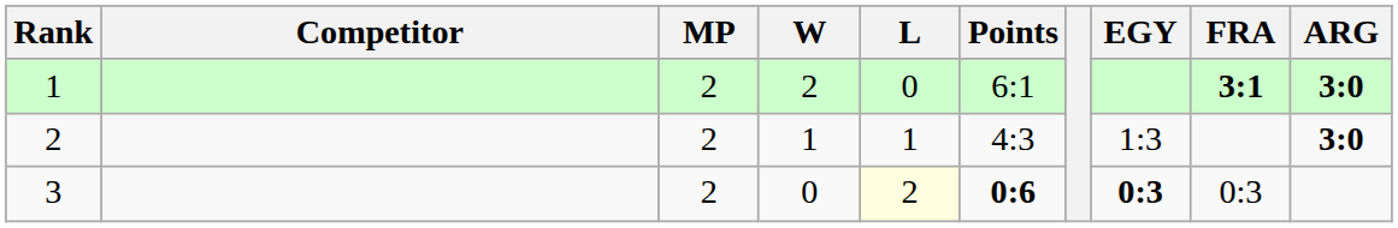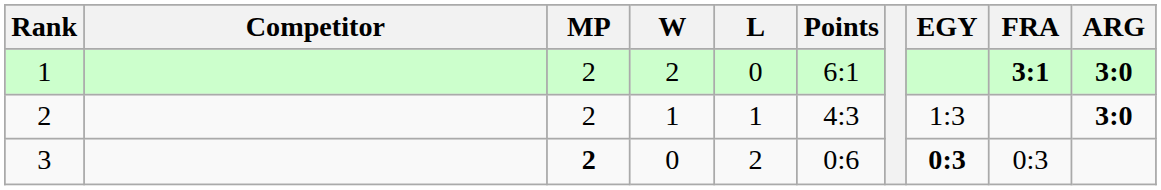 <table class="wikitable" style="text-align:center">
 <tr>
 <th>Rank</th>
 <th style="width:16em">Competitor</th>
 <th style="width:2.5em">MP</th>
 <th style="width:2.5em">W</th>
 <th style="width:2.5em">L</th>
 <th>Points</th>
 <th rowspan="4"> </th>
 <th style="width:2.5em">EGY</th>
 <th style="width:2.5em">FRA</th>
 <th style="width:2.5em">ARG</th>
 </tr>
 <tr style="background:#cfc;">
 <td>1</td>
 <td style="text-align:left"></td>
 <td>2</td>
 <td>2</td>
 <td>0</td>
 <td>6:1</td>
 <td></td>
 <td><strong>3:1</strong></td>
 <td><strong>3:0</strong></td>
 </tr>
 <tr>
 <td>2</td>
 <td style="text-align:left"></td>
 <td>2</td>
 <td>1</td>
 <td>1</td>
 <td>4:3</td>
 <td>1:3</td>
 <td></td>
 <td><strong>3:0</strong></td>
 </tr>
 <tr>
 <td>3</td>
 <td style="text-align:left"></td>
+<td><strong>2</strong></td>
+<td>0</td>
 <td>2</td>
-<td>0</td>
-<td style="background: lightyellow;">2</td>
-<td><strong>0:6</strong></td>
+<td>0:6</td>
 <td><strong>0:3</strong></td>
 <td>0:3</td>
 <td></td>
 </tr>
 </table>
